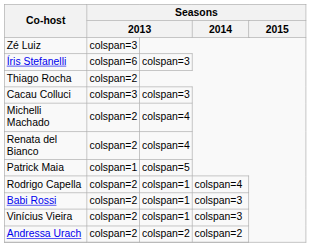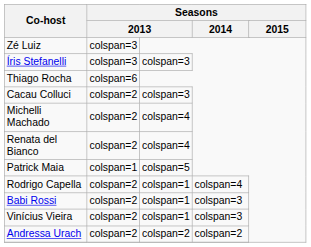 <table class="wikitable" width:"95%">
 <tr>
 <th width=120 rowspan=2>Co-host</th>
 <th colspan=6>Seasons</th>
 </tr>
 <tr>
 <th width=80 colspan=2>2013</th>
 <th width=80 colspan=2>2014</th>
 <th width=80 colspan=2>2015</th>
 </tr>
 <tr>
 <td>Zé Luiz</td>
 <td>colspan=3 </td>
 </tr>
 <tr>
 <td><a href='#'>Íris Stefanelli</a></td>
-<td>colspan=6 </td>
+<td>colspan=3 </td>
 <td>colspan=3 </td>
 </tr>
 <tr>
 <td>Thiago Rocha</td>
-<td>colspan=2 </td>
+<td>colspan=6 </td>
 </tr>
 <tr>
 <td>Cacau Colluci</td>
-<td>colspan=3 </td>
+<td>colspan=2 </td>
 <td>colspan=3 </td>
 </tr>
 <tr>
 <td>Michelli Machado</td>
 <td>colspan=2 </td>
 <td>colspan=4 </td>
 </tr>
 <tr>
 <td>Renata del Bianco</td>
 <td>colspan=2 </td>
 <td>colspan=4 </td>
 </tr>
 <tr>
 <td>Patrick Maia</td>
 <td>colspan=1 </td>
 <td>colspan=5 </td>
 </tr>
 <tr>
 <td>Rodrigo Capella</td>
 <td>colspan=2 </td>
 <td>colspan=1 </td>
 <td>colspan=4 </td>
 </tr>
 <tr>
 <td><a href='#'>Babi Rossi</a></td>
 <td>colspan=2 </td>
 <td>colspan=1 </td>
 <td>colspan=3 </td>
 </tr>
 <tr>
 <td>Vinícius Vieira</td>
 <td>colspan=2 </td>
 <td>colspan=1 </td>
 <td>colspan=3 </td>
 </tr>
 <tr>
 <td><a href='#'>Andressa Urach</a></td>
 <td>colspan=2 </td>
 <td>colspan=2 </td>
 <td>colspan=2 </td>
 </tr>
 <tr>
 </tr>
 </table>
